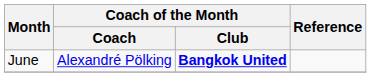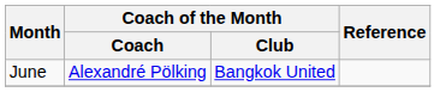 <table class="wikitable">
 <tr>
 <th rowspan="2">Month</th>
 <th colspan="2">Coach of the Month</th>
 <th rowspan="2">Reference</th>
 </tr>
 <tr>
 <th>Coach</th>
 <th>Club</th>
 </tr>
 <tr>
 <td>June</td>
 <td> <a href='#'>Alexandré Pölking</a></td>
-<td><strong><a href='#'>Bangkok United</a></strong></td>
+<td><a href='#'>Bangkok United</a></td>
 <td align=center></td>
 </tr>
 <tr>
 </tr>
 </table>
